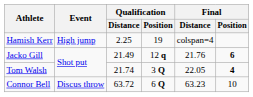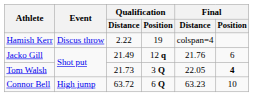 <table class=wikitable style=font-size:90%>
 <tr>
 <th rowspan=2>Athlete</th>
 <th rowspan=2>Event</th>
 <th colspan=2>Qualification</th>
 <th colspan=2>Final</th>
 </tr>
 <tr style=font-size:95%>
 <th>Distance</th>
 <th>Position</th>
 <th>Distance</th>
 <th>Position</th>
 </tr>
 <tr align=center>
 <td align=left><a href='#'>Hamish Kerr</a></td>
-<td align=left><a href='#'>High jump</a></td>
-<td>2.25</td>
+<td align=left><a href='#'>Discus throw</a></td>
+<td>2.22</td>
 <td>19</td>
 <td>colspan=4 </td>
 </tr>
 <tr align=center>
 <td align=left><a href='#'>Jacko Gill</a></td>
 <td align=left rowspan=2><a href='#'>Shot put</a></td>
 <td>21.49</td>
 <td>12 <strong>q</strong></td>
 <td>21.76</td>
-<td><strong>6</strong></td>
+<td>6</td>
 </tr>
 <tr align=center>
 <td align=left><a href='#'>Tom Walsh</a></td>
-<td>21.74</td>
+<td>21.73</td>
 <td>3 <strong>Q</strong></td>
 <td>22.05</td>
 <td><strong>4</strong></td>
 </tr>
 <tr align=center>
 <td align=left><a href='#'>Connor Bell</a></td>
-<td align=left><a href='#'>Discus throw</a></td>
+<td align=left><a href='#'>High jump</a></td>
 <td>63.72</td>
 <td>6 <strong>Q</strong></td>
 <td>63.23</td>
 <td>10</td>
 </tr>
 </table>
